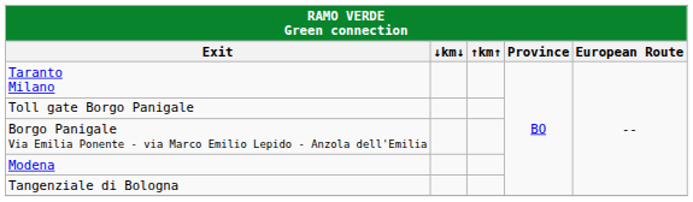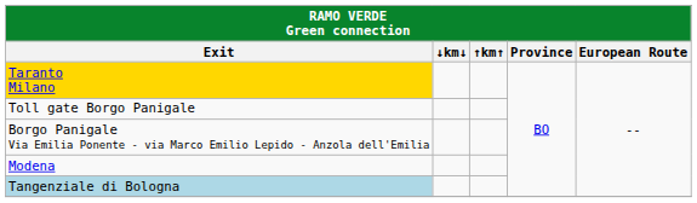 <table class="wikitable">
 <tr>
 </tr>
 <tr align="center" bgcolor="08842C" style="color: white;font-size:100%;">
 <td colspan="5"><strong> RAMO VERDE<br>Green connection</strong></td>
 </tr>
 <tr>
 <th style="text-align:center;"><strong>Exit</strong></th>
 <th style="text-align:center;"><strong>↓km↓</strong></th>
 <th style="text-align:center;"><strong>↑km↑</strong></th>
 <th align="center"><strong>Province</strong></th>
 <th align="center"><strong>European Route</strong></th>
 </tr>
 <tr>
-<td>  <a href='#'>Taranto</a><br> <a href='#'>Milano</a></td>
+<td style="background: gold;">  <a href='#'>Taranto</a><br> <a href='#'>Milano</a></td>
 <td align="right"></td>
 <td align="right"></td>
 <td align="center" rowspan=5><a href='#'>BO</a></td>
 <td align="center" rowspan=5>--</td>
 </tr>
 <tr>
 <td> Toll gate Borgo Panigale</td>
 <td align="right"></td>
 <td align="right"></td>
 </tr>
 <tr>
 <td>  Borgo Panigale<br><small> Via Emilia Ponente - via Marco Emilio Lepido - Anzola dell'Emilia</small></td>
 <td align="right"></td>
 <td align="right"></td>
 </tr>
 <tr>
 <td>  <a href='#'>Modena</a></td>
 <td align="right"></td>
 <td align="right"></td>
 </tr>
 <tr>
-<td>  Tangenziale di Bologna</td>
+<td style="background: lightblue;">  Tangenziale di Bologna</td>
 <td align="right"></td>
 <td align="right"></td>
 </tr>
 <tr>
 </tr>
 </table>
